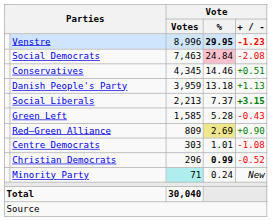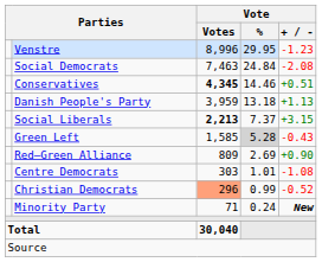 <table class="wikitable" style="text-align:right;">
 <tr>
 <th style="text-align:centre;" rowspan="2" colspan="2" width="225">Parties</th>
 <th colspan="3">Vote</th>
 </tr>
 <tr>
 <th width="15">Votes</th>
 <th width="15">%</th>
 <th width="15">+ / -</th>
 </tr>
 <tr>
 <td width="2" style="color:inherit;background:"></td>
 <td bgcolor=#cfe5fe  align="left"><a href='#'>Venstre</a></td>
 <td bgcolor=#cfe5fe>8,996</td>
-<td bgcolor=#cfe5fe><strong>29.95</strong></td>
-<td style=color:red;><strong>-1.23</strong></td>
+<td bgcolor=#cfe5fe>29.95</td>
+<td style=color:red;>-1.23</td>
 </tr>
 <tr>
 <td width="2" style="color:inherit;background:"></td>
 <td align="left"><a href='#'>Social Democrats</a></td>
 <td>7,463</td>
-<td style="background: pink;">24.84</td>
+<td>24.84</td>
 <td style=color:red;>-2.08</td>
 </tr>
 <tr>
 <td width="2" style="color:inherit;background:"></td>
 <td align="left"><a href='#'>Conservatives</a></td>
-<td>4,345</td>
+<td><strong>4,345</strong></td>
 <td>14.46</td>
 <td style=color:green;>+0.51</td>
 </tr>
 <tr>
 <td width="2" style="color:inherit;background:"></td>
 <td align="left"><a href='#'>Danish People's Party</a></td>
 <td>3,959</td>
 <td>13.18</td>
 <td style=color:green;>+1.13</td>
 </tr>
 <tr>
 <td width="2" style="color:inherit;background:"></td>
 <td align="left"><a href='#'>Social Liberals</a></td>
-<td>2,213</td>
+<td><strong>2,213</strong></td>
 <td>7.37</td>
-<td style=color:green;><strong>+3.15</strong></td>
+<td style=color:green;>+3.15</td>
 </tr>
 <tr>
 <td width="2" style="color:inherit;background:"></td>
 <td align="left"><a href='#'>Green Left</a></td>
 <td>1,585</td>
-<td>5.28</td>
+<td style="background: lightgrey;">5.28</td>
 <td style=color:red;>-0.43</td>
 </tr>
 <tr>
 <td width="2" style="color:inherit;background:"></td>
 <td align="left"><a href='#'>Red–Green Alliance</a></td>
 <td>809</td>
-<td style="background: khaki;">2.69</td>
+<td>2.69</td>
 <td style=color:green;>+0.90</td>
 </tr>
 <tr>
 <td width="2" style="color:inherit;background:"></td>
 <td align="left"><a href='#'>Centre Democrats</a></td>
 <td>303</td>
 <td>1.01</td>
 <td style=color:red;>-1.08</td>
 </tr>
 <tr>
 <td width="2" style="color:inherit;background:"></td>
 <td align="left"><a href='#'>Christian Democrats</a></td>
-<td>296</td>
-<td><strong>0.99</strong></td>
+<td style="background: lightsalmon;">296</td>
+<td>0.99</td>
 <td style=color:red;>-0.52</td>
 </tr>
 <tr>
 <td width="2" style="color:inherit;background:"></td>
 <td align="left"><a href='#'>Minority Party</a></td>
-<td style="background: paleturquoise;">71</td>
+<td>71</td>
 <td>0.24</td>
-<td><em>New</em></td>
+<td><strong><em>New</em></strong></td>
 </tr>
 <tr>
 <td colspan="7" bgcolor="#E9E9E9"></td>
 </tr>
 <tr>
 <td align="left" colspan="2"><strong>Total</strong></td>
 <td><strong>30,040</strong></td>
 <td bgcolor="#E9E9E9" colspan="2"></td>
 </tr>
 <tr>
 <td align="left" colspan="6">Source</td>
 </tr>
 </table>
